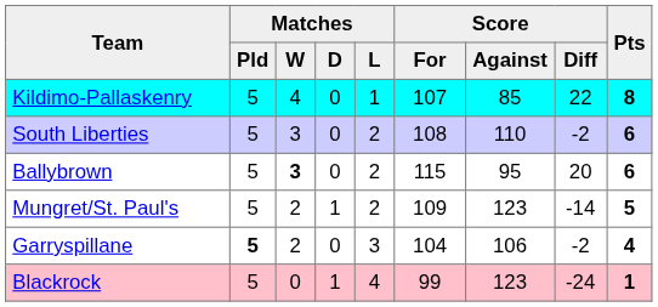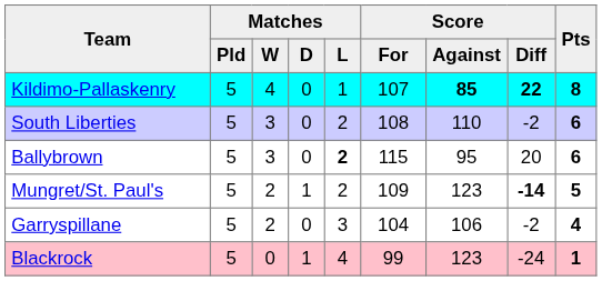 <table style=border-collapse:collapse border=1 cellspacing=0 cellpadding=5>
 <tr align=center bgcolor=#efefef>
 <th rowspan=2 width=165>Team</th>
 <th colspan=4>Matches</th>
 <th colspan=3>Score</th>
 <th rowspan=2width=20>Pts</th>
 </tr>
 <tr align=center bgcolor=#efefef>
 <th width=20>Pld</th>
 <th width=20>W</th>
 <th width=20>D</th>
 <th width=20>L</th>
 <th width=45>For</th>
 <th width=45>Against</th>
 <th width=30>Diff</th>
 </tr>
 <tr align=center style="background:#00FFFF;">
 <td style="text-align:left;"><a href='#'>Kildimo-Pallaskenry</a></td>
 <td>5</td>
 <td>4</td>
 <td>0</td>
 <td>1</td>
 <td>107</td>
-<td>85</td>
-<td>22</td>
+<td><strong>85</strong></td>
+<td><strong>22</strong></td>
 <td><strong>8</strong></td>
 </tr>
 <tr align=center style="background:#ccccff;">
 <td style="text-align:left;"><a href='#'>South Liberties</a></td>
 <td>5</td>
 <td>3</td>
 <td>0</td>
 <td>2</td>
 <td>108</td>
 <td>110</td>
 <td>-2</td>
 <td><strong>6</strong></td>
 </tr>
 <tr align=center>
 <td style="text-align:left;"><a href='#'>Ballybrown</a></td>
 <td>5</td>
-<td><strong>3</strong></td>
+<td>3</td>
 <td>0</td>
-<td>2</td>
+<td><strong>2</strong></td>
 <td>115</td>
 <td>95</td>
 <td>20</td>
 <td><strong>6</strong></td>
 </tr>
 <tr align=center>
 <td style="text-align:left;"><a href='#'>Mungret/St. Paul's</a></td>
 <td>5</td>
 <td>2</td>
 <td>1</td>
 <td>2</td>
 <td>109</td>
 <td>123</td>
-<td>-14</td>
+<td><strong>-14</strong></td>
 <td><strong>5</strong></td>
 </tr>
 <tr align=center>
 <td style="text-align:left;"><a href='#'>Garryspillane</a></td>
-<td><strong>5</strong></td>
+<td>5</td>
 <td>2</td>
 <td>0</td>
 <td>3</td>
 <td>104</td>
 <td>106</td>
 <td>-2</td>
 <td><strong>4</strong></td>
 </tr>
 <tr align=center style="background:#FFC0CB;">
 <td style="text-align:left;"><a href='#'>Blackrock</a></td>
 <td>5</td>
 <td>0</td>
 <td>1</td>
 <td>4</td>
 <td>99</td>
 <td>123</td>
 <td>-24</td>
 <td><strong>1</strong></td>
 </tr>
 </table>
